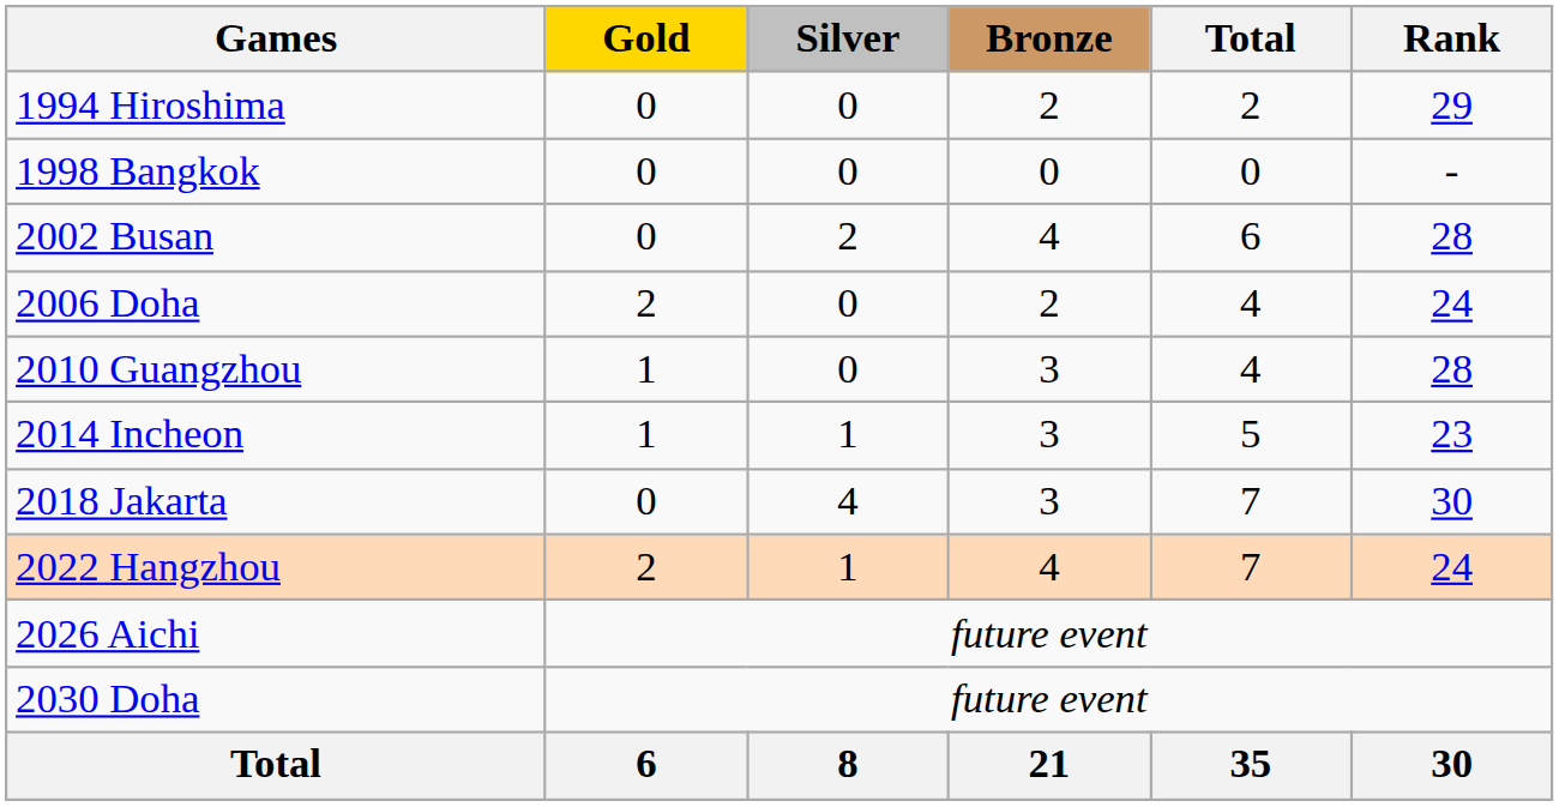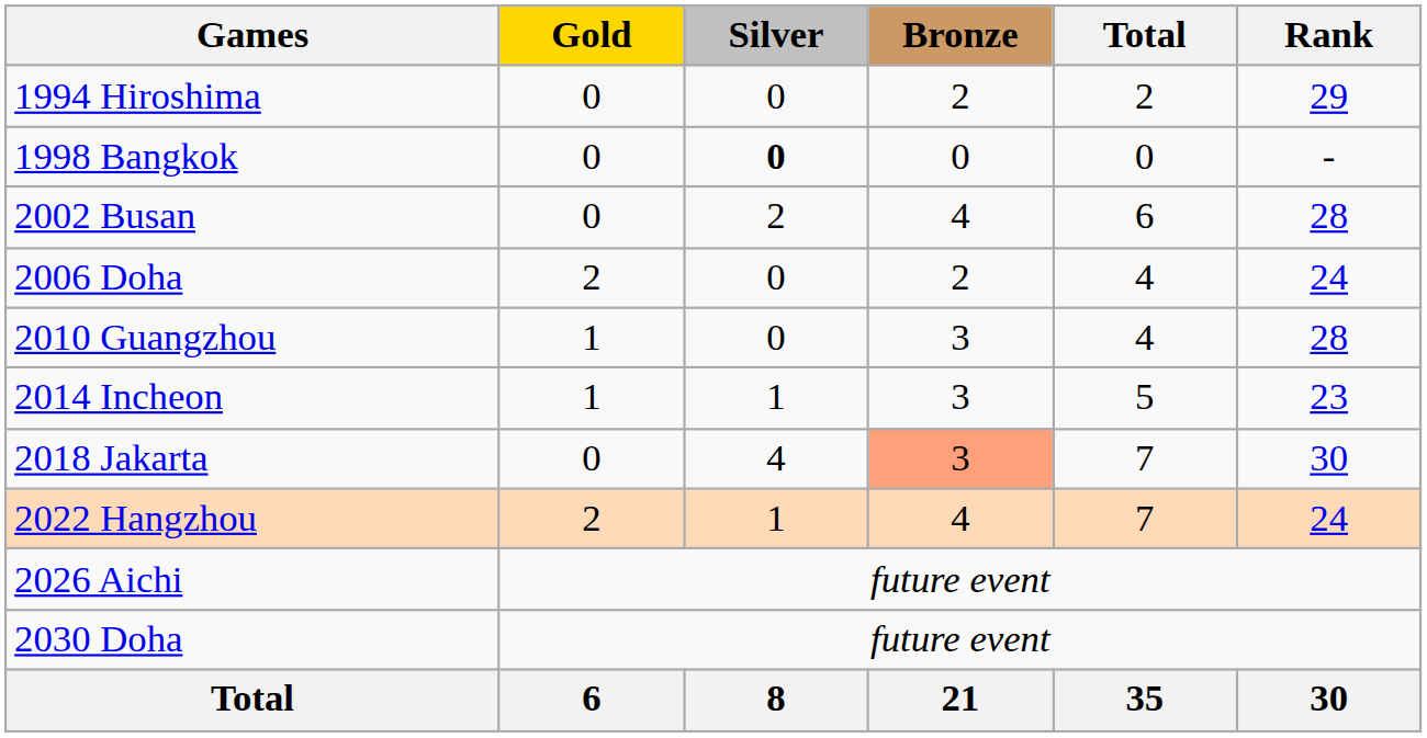 <table class="wikitable sortable" style="text-align:center;">
 <tr>
 <th width=200>Games</th>
 <td bgcolor=gold width=70><strong>Gold</strong></td>
 <td bgcolor=silver width=70><strong>Silver</strong></td>
 <td bgcolor=#cc9966 width=70><strong>Bronze</strong></td>
 <th width=70>Total</th>
 <th width=70>Rank</th>
 </tr>
 <tr>
 <td align=left> <a href='#'>1994 Hiroshima</a></td>
 <td>0</td>
 <td>0</td>
 <td>2</td>
 <td>2</td>
 <td><a href='#'>29</a></td>
 </tr>
 <tr>
 <td align=left> <a href='#'>1998 Bangkok</a></td>
 <td>0</td>
-<td>0</td>
+<td><strong>0</strong></td>
 <td>0</td>
 <td>0</td>
 <td>-</td>
 </tr>
 <tr>
 <td align=left> <a href='#'>2002 Busan</a></td>
 <td>0</td>
 <td>2</td>
 <td>4</td>
 <td>6</td>
 <td><a href='#'>28</a></td>
 </tr>
 <tr>
 <td align=left> <a href='#'>2006 Doha</a></td>
 <td>2</td>
 <td>0</td>
 <td>2</td>
 <td>4</td>
 <td><a href='#'>24</a></td>
 </tr>
 <tr>
 <td align=left> <a href='#'>2010 Guangzhou</a></td>
 <td>1</td>
 <td>0</td>
 <td>3</td>
 <td>4</td>
 <td><a href='#'>28</a></td>
 </tr>
 <tr>
 <td align=left> <a href='#'>2014 Incheon</a></td>
 <td>1</td>
 <td>1</td>
 <td>3</td>
 <td>5</td>
 <td><a href='#'>23</a></td>
 </tr>
 <tr>
 <td align=left> <a href='#'>2018 Jakarta</a></td>
 <td>0</td>
 <td>4</td>
-<td>3</td>
+<td style="background: lightsalmon;">3</td>
 <td>7</td>
 <td><a href='#'>30</a></td>
 </tr>
 <tr bgcolor=ffdab9>
 <td align=left> <a href='#'>2022 Hangzhou</a></td>
 <td>2</td>
 <td>1</td>
 <td>4</td>
 <td>7</td>
 <td><a href='#'>24</a></td>
 </tr>
 <tr>
 <td align=left> <a href='#'>2026 Aichi</a></td>
 <td colspan=5><em>future event</em></td>
 </tr>
 <tr>
 <td align=left> <a href='#'>2030 Doha</a></td>
 <td colspan=5><em>future event</em></td>
 </tr>
 <tr class="sortbottom">
 <th>Total</th>
 <th>6</th>
 <th>8</th>
 <th>21</th>
 <th>35</th>
 <th>30</th>
 </tr>
 </table>
